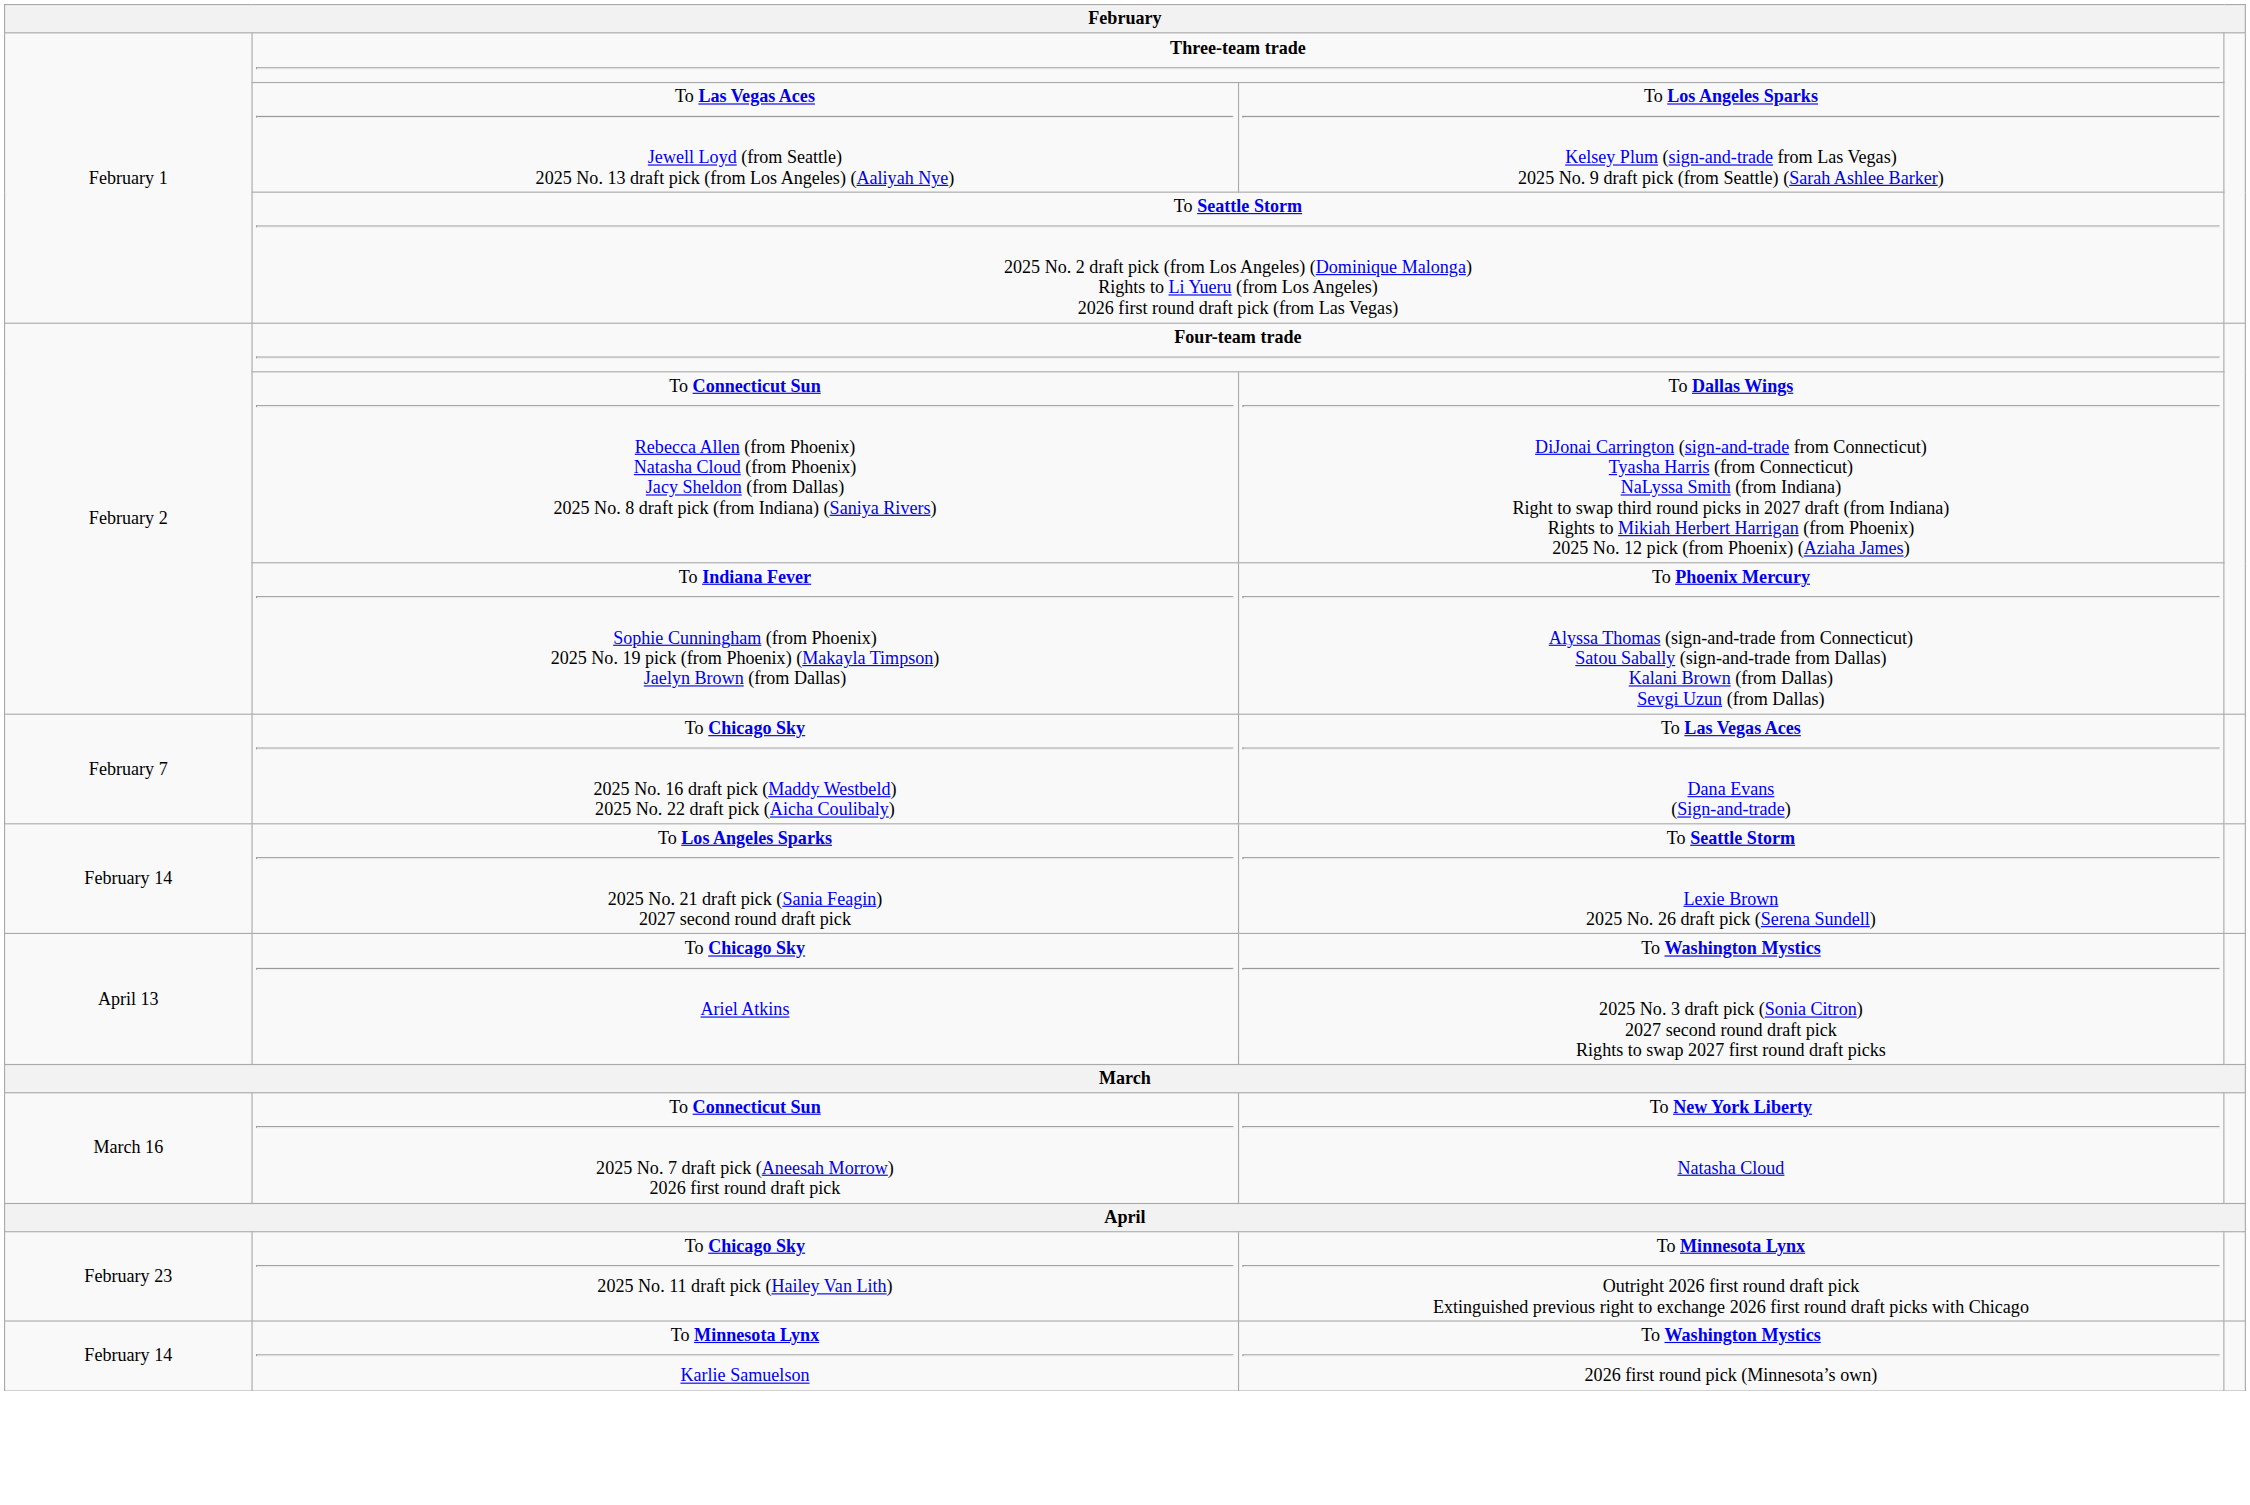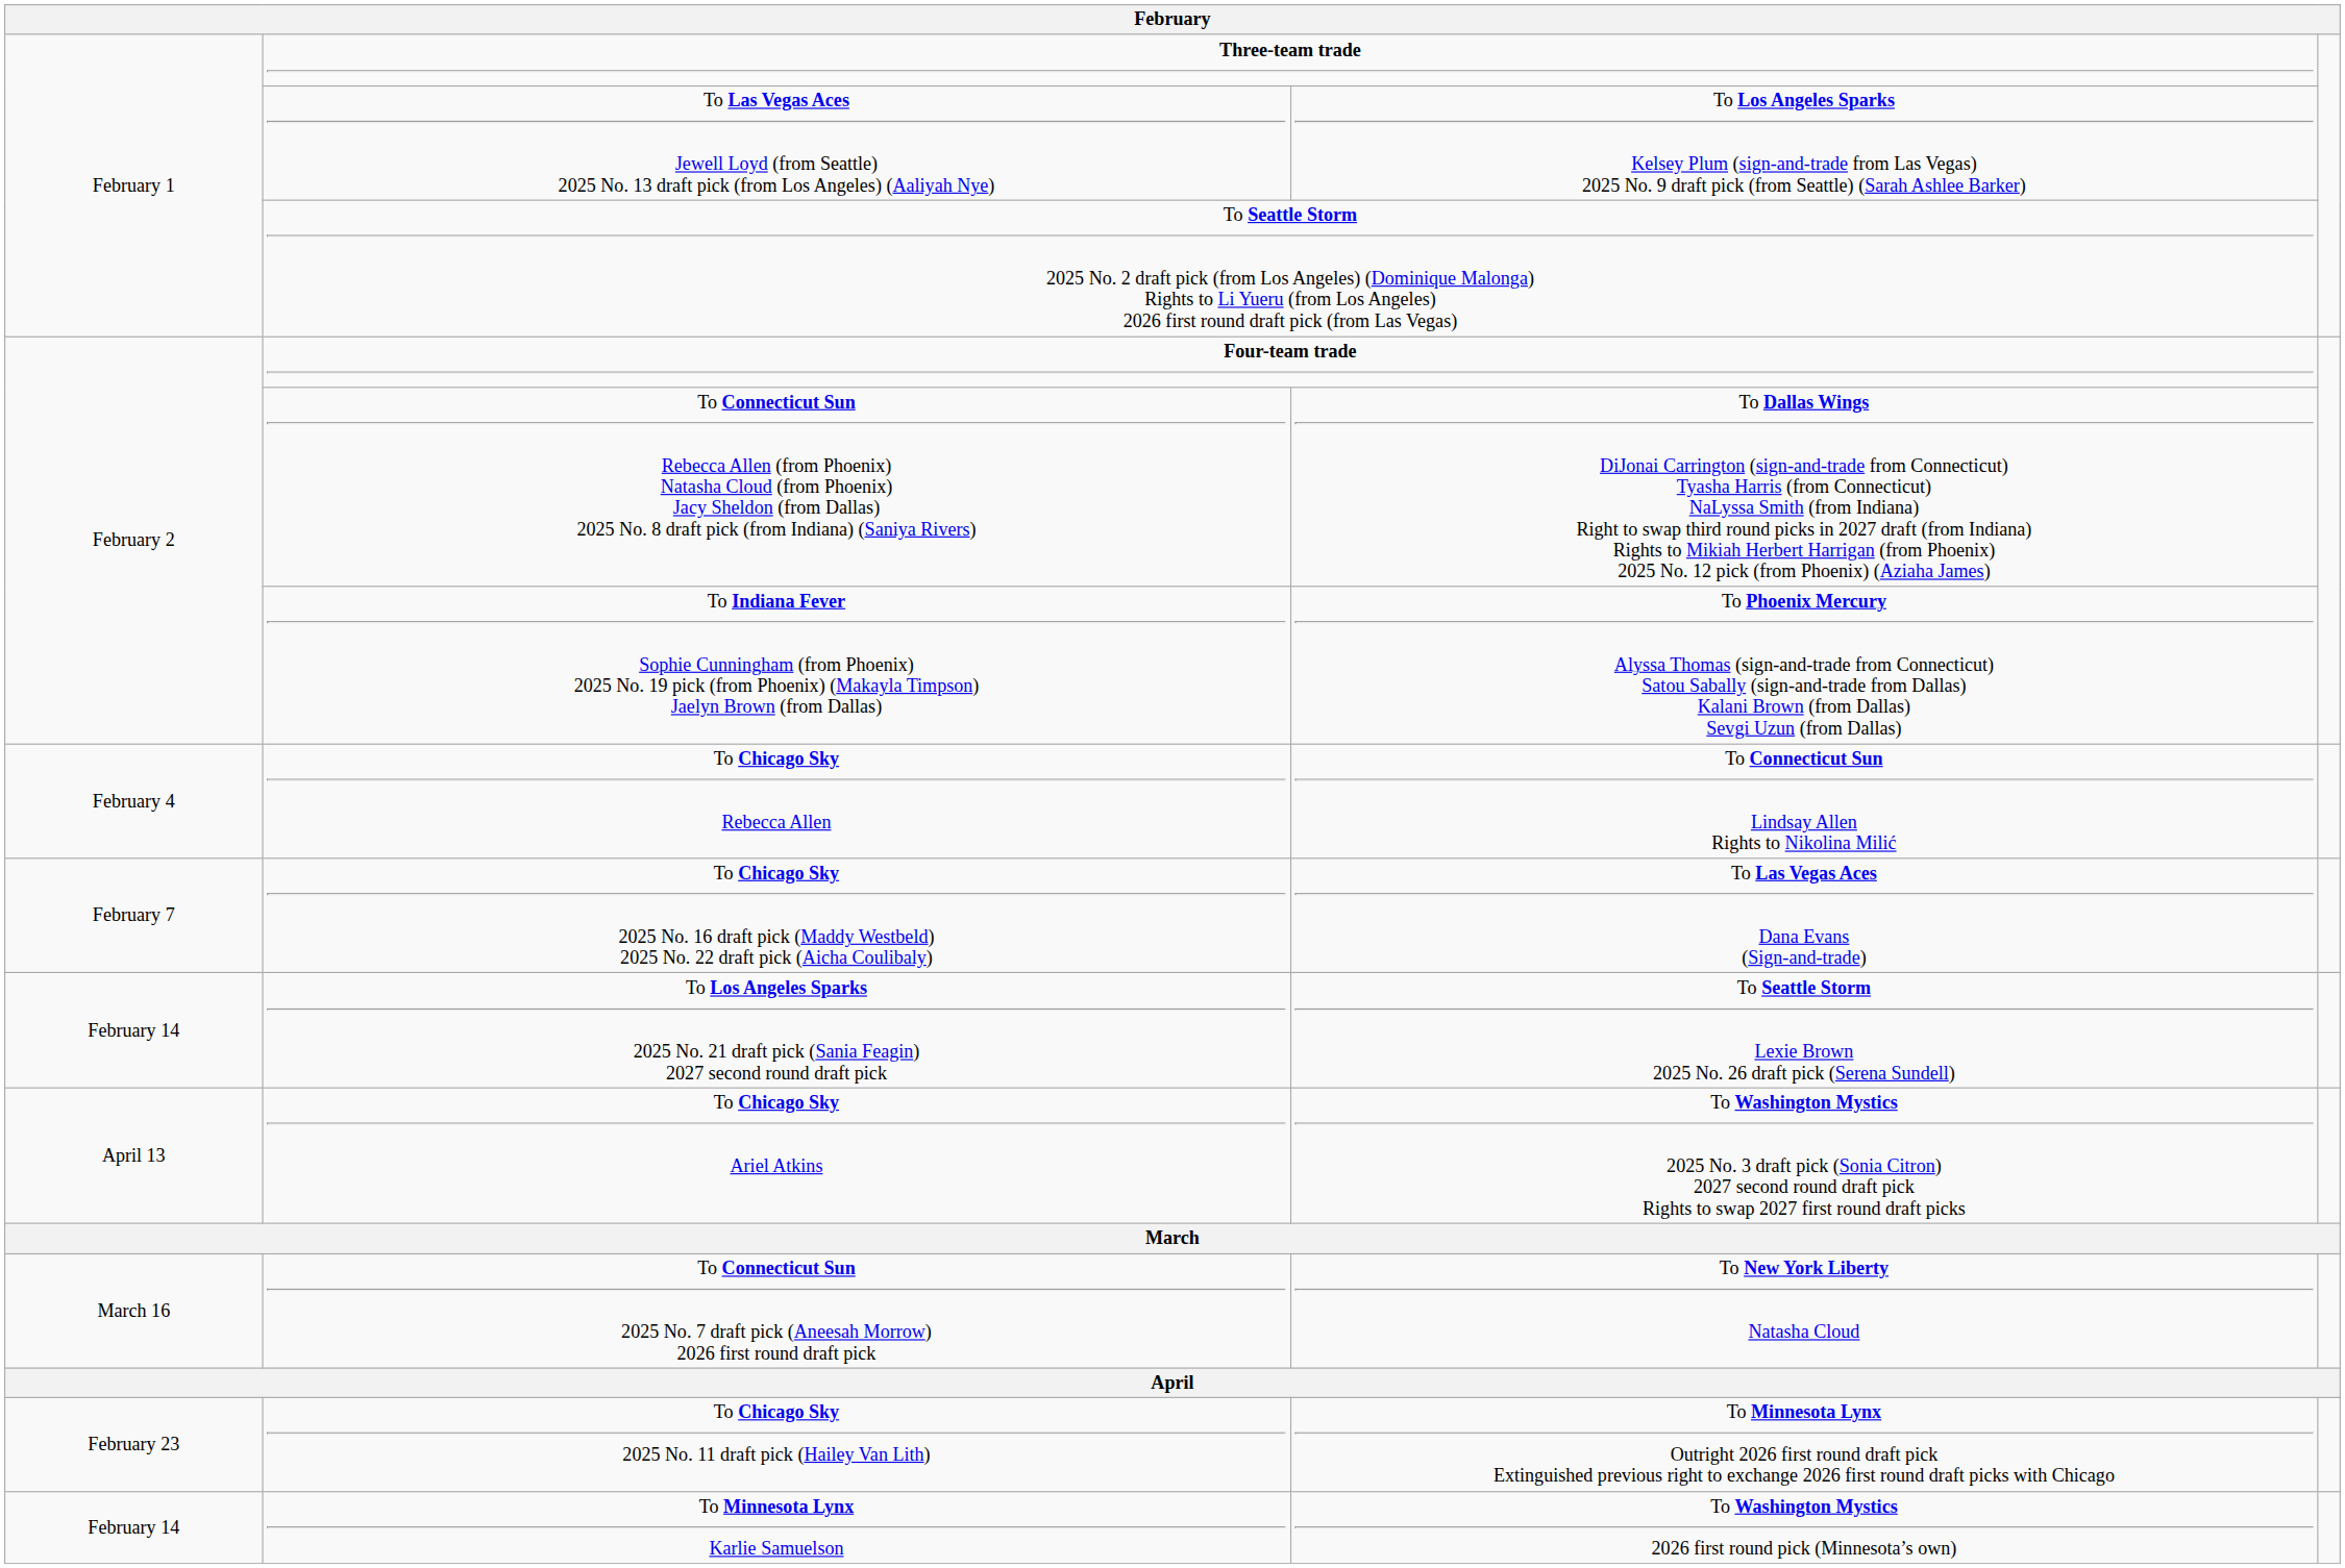 <table class="wikitable sortable" style="width:100%; text-align: center">
 <tr>
 <th colspan="4">February</th>
 </tr>
 <tr>
 <td rowspan=3>February 1</td>
 <td colspan=2><strong>Three-team trade</strong><hr></td>
 <td rowspan=3></td>
 </tr>
 <tr>
 <td valign="top">To <strong><a href='#'>Las Vegas Aces</a></strong><hr><br><a href='#'>Jewell Loyd</a> (from Seattle) <br>2025 No. 13 draft pick (from Los Angeles) (<a href='#'>Aaliyah Nye</a>)</td>
 <td valign="top">To <strong><a href='#'>Los Angeles Sparks</a></strong><hr><br><a href='#'>Kelsey Plum</a> (<a href='#'>sign-and-trade</a> from Las Vegas) <br>2025 No. 9 draft pick (from Seattle) (<a href='#'>Sarah Ashlee Barker</a>)</td>
 </tr>
 <tr>
 <td colspan=2 align="center" valign="top">To <strong><a href='#'>Seattle Storm</a></strong><hr><br>2025 No. 2 draft pick (from Los Angeles) (<a href='#'>Dominique Malonga</a>) <br>Rights to <a href='#'>Li Yueru</a> (from Los Angeles) <br>2026 first round draft pick (from Las Vegas)</td>
 </tr>
 <tr>
 <td rowspan=3>February 2</td>
 <td colspan=2><strong>Four-team trade</strong><hr></td>
 <td rowspan=3></td>
 </tr>
 <tr>
 <td valign="top">To <strong><a href='#'>Connecticut Sun</a></strong><hr><br><a href='#'>Rebecca Allen</a> (from Phoenix) <br><a href='#'>Natasha Cloud</a> (from Phoenix) <br><a href='#'>Jacy Sheldon</a> (from Dallas) <br>2025 No. 8 draft pick (from Indiana) (<a href='#'>Saniya Rivers</a>)</td>
 <td valign="top">To <strong><a href='#'>Dallas Wings</a></strong><hr><br><a href='#'>DiJonai Carrington</a> (<a href='#'>sign-and-trade</a> from Connecticut) <br><a href='#'>Tyasha Harris</a> (from Connecticut) <br><a href='#'>NaLyssa Smith</a> (from Indiana) <br>Right to swap third round picks in 2027 draft (from Indiana) <br>Rights to <a href='#'>Mikiah Herbert Harrigan</a> (from Phoenix) <br>2025 No. 12 pick (from Phoenix) (<a href='#'>Aziaha James</a>)</td>
 </tr>
 <tr>
 <td valign="top">To <strong><a href='#'>Indiana Fever</a></strong><hr><br><a href='#'>Sophie Cunningham</a> (from Phoenix) <br>2025 No. 19 pick (from Phoenix) (<a href='#'>Makayla Timpson</a>) <br><a href='#'>Jaelyn Brown</a> (from Dallas)</td>
 <td valign="top">To <strong><a href='#'>Phoenix Mercury</a></strong><hr><br><a href='#'>Alyssa Thomas</a> (sign-and-trade from Connecticut) <br> <a href='#'>Satou Sabally</a> (sign-and-trade from Dallas) <br><a href='#'>Kalani Brown</a> (from Dallas) <br><a href='#'>Sevgi Uzun</a> (from Dallas)</td>
+</tr>
+<tr>
+<td>February 4</td>
+<td valign="top">To <strong><a href='#'>Chicago Sky</a></strong><hr><br><a href='#'>Rebecca Allen</a></td>
+<td valign="top">To <strong><a href='#'>Connecticut Sun</a></strong><hr><br><a href='#'>Lindsay Allen</a> <br>Rights to <a href='#'>Nikolina Milić</a></td>
+<td align=center></td>
 </tr>
 <tr>
 <td>February 7</td>
 <td valign="top">To <strong><a href='#'>Chicago Sky</a></strong><hr><br>2025 No. 16 draft pick (<a href='#'>Maddy Westbeld</a>) <br>2025 No. 22 draft pick (<a href='#'>Aicha Coulibaly</a>)</td>
 <td valign="top">To <strong><a href='#'>Las Vegas Aces</a></strong><hr><br><a href='#'>Dana Evans</a><br>(<a href='#'>Sign-and-trade</a>)</td>
 <td align=center></td>
 </tr>
 <tr>
 <td>February 14</td>
 <td valign="top">To <strong><a href='#'>Los Angeles Sparks</a></strong><hr><br>2025 No. 21 draft pick (<a href='#'>Sania Feagin</a>) <br>2027 second round draft pick</td>
 <td valign="top">To <strong><a href='#'>Seattle Storm</a></strong><hr><br><a href='#'>Lexie Brown</a> <br>2025 No. 26 draft pick (<a href='#'>Serena Sundell</a>)</td>
 <td align=center></td>
 </tr>
 <tr>
 <td>April 13</td>
 <td valign="top">To <strong><a href='#'>Chicago Sky</a></strong><hr><br><a href='#'>Ariel Atkins</a></td>
 <td valign="top">To <strong><a href='#'>Washington Mystics</a></strong><hr><br>2025 No. 3 draft pick (<a href='#'>Sonia Citron</a>) <br>2027 second round draft pick <br>Rights to swap 2027 first round draft picks</td>
 <td align=center></td>
 </tr>
 <tr>
 <th colspan="4">March</th>
 </tr>
 <tr>
 <td>March 16</td>
 <td valign="top">To <strong><a href='#'>Connecticut Sun</a></strong><hr><br>2025 No. 7 draft pick (<a href='#'>Aneesah Morrow</a>) <br>2026 first round draft pick</td>
 <td valign="top">To <strong><a href='#'>New York Liberty</a></strong><hr><br><a href='#'>Natasha Cloud</a></td>
 <td align=center></td>
 </tr>
 <tr>
 <th colspan="4">April</th>
 </tr>
 <tr>
 <td>February 23</td>
 <td style="width:44%; vertical-align:top;">To <strong><a href='#'>Chicago Sky</a></strong><hr>2025 No. 11 draft pick (<a href='#'>Hailey Van Lith</a>)</td>
 <td style="width:44%; vertical-align:top;">To <strong><a href='#'>Minnesota Lynx</a></strong><hr>Outright 2026 first round draft pick<br>Extinguished previous right to exchange 2026 first round draft picks with Chicago</td>
 <td></td>
 </tr>
 <tr>
 <td>February 14</td>
 <td style="width:44%; vertical-align:top;">To <strong><a href='#'>Minnesota Lynx</a></strong><hr><a href='#'>Karlie Samuelson</a></td>
 <td style="width:44%; vertical-align:top;">To <strong><a href='#'>Washington Mystics</a></strong><hr>2026 first round pick (Minnesota’s own)</td>
 <td></td>
 </tr>
 </table>
